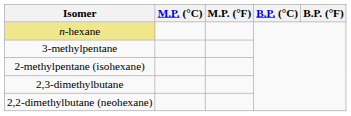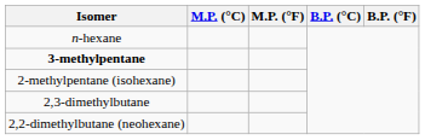 <table class="wikitable" style="text-align:center">
 <tr>
 <th>Isomer</th>
 <th><a href='#'>M.P.</a> (°C)</th>
 <th>M.P. (°F)</th>
 <th><a href='#'>B.P.</a> (°C)</th>
 <th>B.P. (°F)</th>
 </tr>
 <tr>
-<td style="background: khaki;"><em>n</em>-hexane</td>
+<td><em>n</em>-hexane</td>
 <td></td>
 <td></td>
 </tr>
 <tr>
-<td>3-methylpentane</td>
+<td><strong>3-methylpentane</strong></td>
 <td></td>
 <td></td>
 </tr>
 <tr>
 <td>2-methylpentane (isohexane)</td>
 <td></td>
 <td></td>
 </tr>
 <tr>
 <td>2,3-dimethylbutane</td>
 <td></td>
 <td></td>
 </tr>
 <tr>
 <td>2,2-dimethylbutane (neohexane)</td>
 <td></td>
 <td></td>
 </tr>
 </table>
